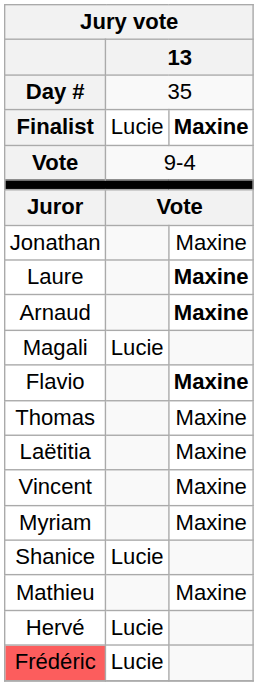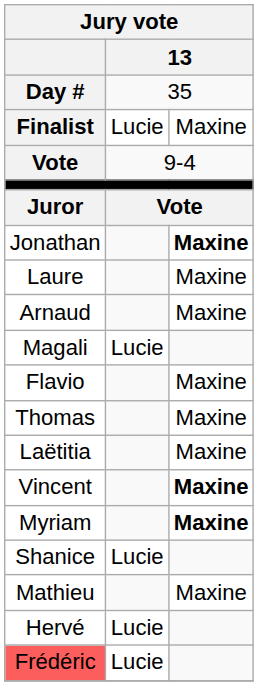 <table class="wikitable" style="text-align:center">
 <tr>
 <th colspan=3>Jury vote</th>
 </tr>
 <tr>
 <th></th>
 <th colspan="2">13</th>
 </tr>
 <tr>
 <th>Day #</th>
 <td colspan="2">35</td>
 </tr>
 <tr>
 <th>Finalist</th>
 <td bgcolor="white">Lucie</td>
-<td bgcolor="white"><strong>Maxine</strong></td>
+<td bgcolor="white">Maxine</td>
 </tr>
 <tr>
 <th>Vote</th>
 <td colspan=2>9-4</td>
 </tr>
 <tr>
 <td colspan=13 bgcolor=black></td>
 </tr>
 <tr>
 <th>Juror</th>
 <th colspan=2>Vote</th>
 </tr>
 <tr>
 <td bgcolor="white">Jonathan</td>
 <td></td>
-<td bgcolor="white">Maxine</td>
+<td bgcolor="white"><strong>Maxine</strong></td>
 </tr>
 <tr>
 <td bgcolor="white">Laure</td>
 <td></td>
-<td bgcolor="white"><strong>Maxine</strong></td>
+<td bgcolor="white">Maxine</td>
 </tr>
 <tr>
 <td bgcolor="white">Arnaud</td>
 <td></td>
-<td bgcolor="white"><strong>Maxine</strong></td>
+<td bgcolor="white">Maxine</td>
 </tr>
 <tr>
 <td bgcolor="white">Magali</td>
 <td bgcolor="white">Lucie</td>
 <td></td>
 </tr>
 <tr>
 <td bgcolor="white">Flavio</td>
 <td></td>
-<td bgcolor="white"><strong>Maxine</strong></td>
+<td bgcolor="white">Maxine</td>
 </tr>
 <tr>
 <td bgcolor="white">Thomas</td>
 <td></td>
 <td bgcolor="white">Maxine</td>
 </tr>
 <tr>
 <td bgcolor="white">Laëtitia</td>
 <td></td>
 <td bgcolor="white">Maxine</td>
 </tr>
 <tr>
 <td bgcolor="white">Vincent</td>
 <td></td>
-<td bgcolor="white">Maxine</td>
+<td bgcolor="white"><strong>Maxine</strong></td>
 </tr>
 <tr>
 <td bgcolor="white">Myriam</td>
 <td></td>
-<td bgcolor="white">Maxine</td>
+<td bgcolor="white"><strong>Maxine</strong></td>
 </tr>
 <tr>
 <td bgcolor="white">Shanice</td>
 <td bgcolor="white">Lucie</td>
 <td></td>
 </tr>
 <tr>
 <td bgcolor="white">Mathieu</td>
 <td></td>
 <td bgcolor="white">Maxine</td>
 </tr>
 <tr>
 <td bgcolor="white">Hervé</td>
 <td bgcolor="white">Lucie</td>
 <td></td>
 </tr>
 <tr>
 <td bgcolor="fc5d5d">Frédéric</td>
 <td bgcolor="white">Lucie</td>
 <td></td>
 </tr>
 <tr>
 </tr>
 </table>
